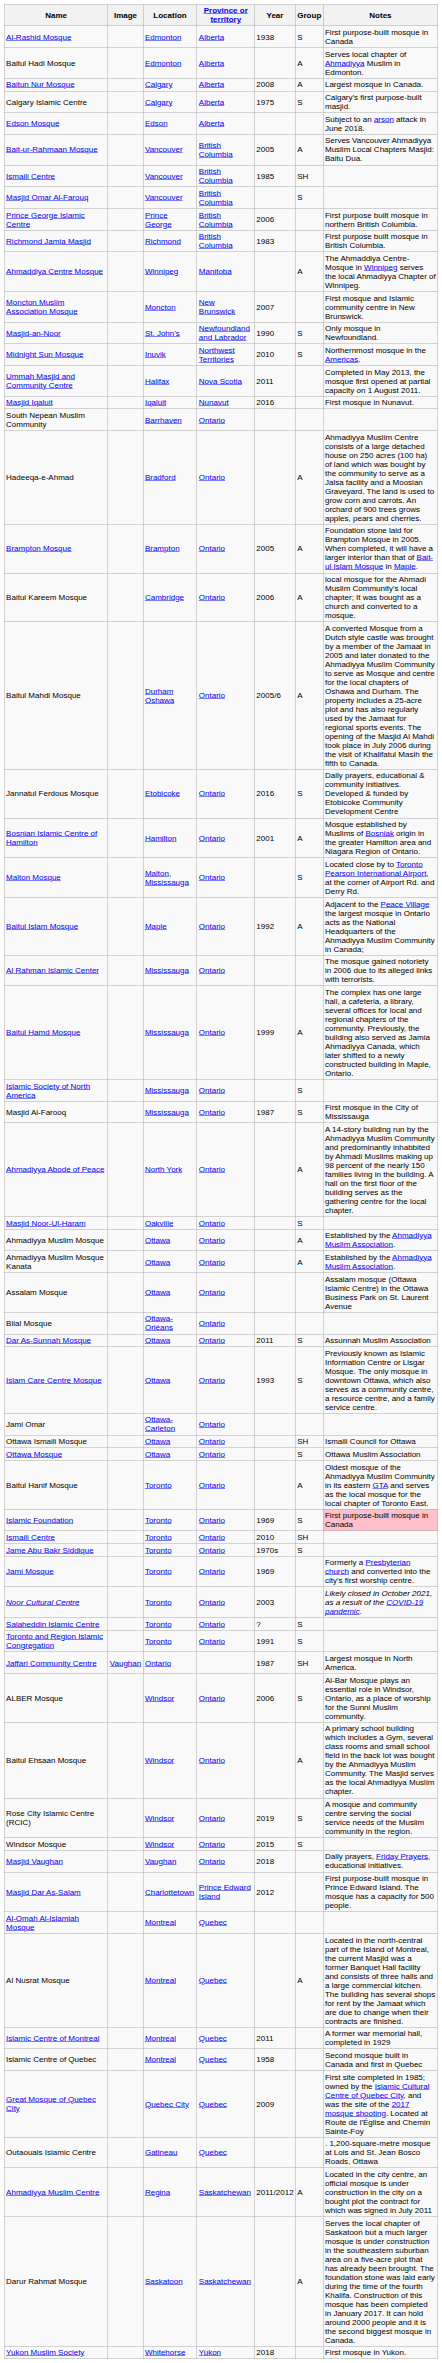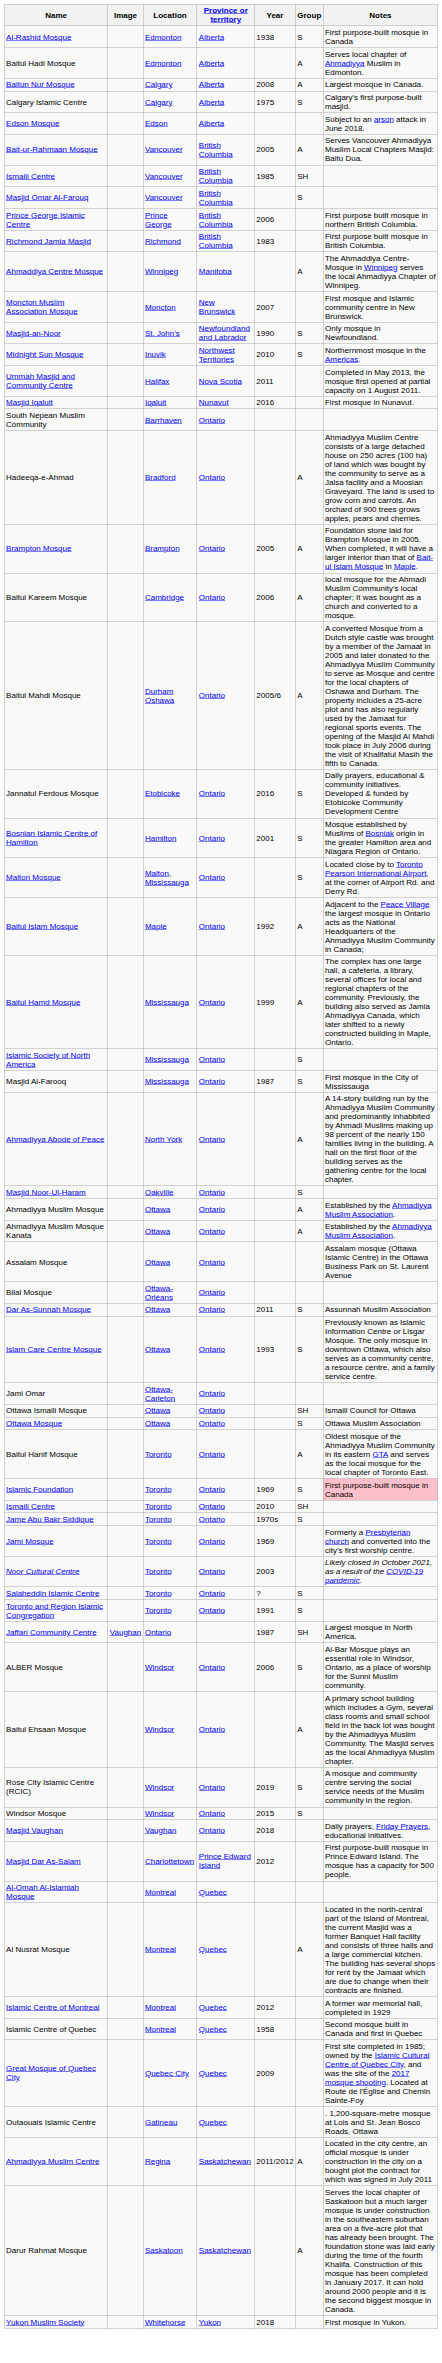 <table class="wikitable sortable" style="text-align:left">
 <tr>
 <th scope="col" style="width: 200px;">Name</th>
 <th class="unsortable">Image</th>
 <th>Location</th>
 <th><a href='#'>Province or territory</a></th>
 <th scope="col" style="width: 20px;">Year</th>
 <th scope="col" style="width: 20px;">Group</th>
 <th class="unsortable">Notes</th>
 </tr>
 <tr>
 <td><a href='#'>Al-Rashid Mosque</a></td>
 <td></td>
 <td><a href='#'>Edmonton</a></td>
 <td><a href='#'>Alberta</a></td>
 <td>1938</td>
 <td>S</td>
 <td>First purpose-built mosque in Canada</td>
 </tr>
 <tr>
 <td>Baitul Hadi Mosque</td>
 <td></td>
 <td><a href='#'>Edmonton</a></td>
 <td><a href='#'>Alberta</a></td>
 <td></td>
 <td>A</td>
 <td>Serves local chapter of <a href='#'>Ahmadiyya</a> Muslim in Edmonton.</td>
 </tr>
 <tr>
 <td><a href='#'>Baitun Nur Mosque</a></td>
 <td></td>
 <td><a href='#'>Calgary</a></td>
 <td><a href='#'>Alberta</a></td>
 <td>2008</td>
 <td>A</td>
 <td>Largest mosque in Canada.</td>
 </tr>
 <tr>
 <td>Calgary Islamic Centre</td>
 <td></td>
 <td><a href='#'>Calgary</a></td>
 <td><a href='#'>Alberta</a></td>
 <td>1975</td>
 <td>S</td>
 <td>Calgary's first purpose-built masjid.</td>
 </tr>
 <tr>
 <td><a href='#'>Edson Mosque</a></td>
 <td></td>
 <td><a href='#'>Edson</a></td>
 <td><a href='#'>Alberta</a></td>
 <td></td>
 <td></td>
 <td>Subject to an <a href='#'>arson</a> attack in June 2018.</td>
 </tr>
 <tr>
 <td><a href='#'>Bait-ur-Rahmaan Mosque</a></td>
 <td></td>
 <td><a href='#'>Vancouver</a></td>
 <td><a href='#'>British Columbia</a></td>
 <td>2005</td>
 <td>A</td>
 <td>Serves Vancouver Ahmadiyya Muslim Local Chapters Masjid: Baitu Dua.</td>
 </tr>
 <tr>
 <td><a href='#'>Ismaili Centre</a></td>
 <td></td>
 <td><a href='#'>Vancouver</a></td>
 <td><a href='#'>British Columbia</a></td>
 <td>1985</td>
 <td>SH</td>
 <td></td>
 </tr>
 <tr>
 <td><a href='#'>Masjid Omar Al-Farouq</a></td>
 <td></td>
 <td><a href='#'>Vancouver</a></td>
 <td><a href='#'>British Columbia</a></td>
 <td></td>
 <td>S</td>
 <td></td>
 </tr>
 <tr>
 <td><a href='#'>Prince George Islamic Centre</a></td>
 <td></td>
 <td><a href='#'>Prince George</a></td>
 <td><a href='#'>British Columbia</a></td>
 <td>2006</td>
 <td></td>
 <td>First purpose built mosque in northern British Columbia.</td>
 </tr>
 <tr>
 <td><a href='#'>Richmond Jamia Masjid</a></td>
 <td></td>
 <td><a href='#'>Richmond</a></td>
 <td><a href='#'>British Columbia</a></td>
 <td>1983</td>
 <td></td>
 <td>First purpose built mosque in British Columbia.</td>
 </tr>
 <tr>
 <td><a href='#'>Ahmaddiya Centre Mosque</a></td>
 <td></td>
 <td><a href='#'>Winnipeg</a></td>
 <td><a href='#'>Manitoba</a></td>
 <td></td>
 <td>A</td>
 <td>The Ahmaddiya Centre-Mosque in <a href='#'>Winnipeg</a> serves the local Ahmadiyya Chapter of Winnipeg.</td>
 </tr>
 <tr>
 <td><a href='#'>Moncton Muslim Association Mosque</a></td>
 <td></td>
 <td><a href='#'>Moncton</a></td>
 <td><a href='#'>New Brunswick</a></td>
 <td>2007</td>
 <td></td>
 <td>First mosque and Islamic community centre in New Brunswick.</td>
 </tr>
 <tr>
 <td><a href='#'>Masjid-an-Noor</a></td>
 <td></td>
 <td><a href='#'>St. John's</a></td>
 <td><a href='#'>Newfoundland and Labrador</a></td>
 <td>1990</td>
 <td>S</td>
 <td>Only mosque in Newfoundland.</td>
 </tr>
 <tr>
 <td><a href='#'>Midnight Sun Mosque</a></td>
 <td></td>
 <td><a href='#'>Inuvik</a></td>
 <td><a href='#'>Northwest Territories</a></td>
 <td>2010</td>
 <td>S</td>
 <td>Northernmost mosque in the <a href='#'>Americas</a>.</td>
 </tr>
 <tr>
 <td><a href='#'>Ummah Masjid and Community Centre</a></td>
 <td></td>
 <td><a href='#'>Halifax</a></td>
 <td><a href='#'>Nova Scotia</a></td>
 <td>2011</td>
 <td></td>
 <td>Completed in May 2013, the mosque first opened at partial capacity on 1 August 2011.</td>
 </tr>
 <tr>
 <td><a href='#'>Masjid Iqaluit</a></td>
 <td></td>
 <td><a href='#'>Iqaluit</a></td>
 <td><a href='#'>Nunavut</a></td>
 <td>2016</td>
 <td></td>
 <td>First mosque in Nunavut.</td>
 </tr>
 <tr>
 <td>South Nepean Muslim Community</td>
 <td></td>
 <td><a href='#'>Barrhaven</a></td>
 <td><a href='#'>Ontario</a></td>
 <td></td>
 <td></td>
 <td></td>
 </tr>
 <tr>
 <td>Hadeeqa-e-Ahmad</td>
 <td></td>
 <td><a href='#'>Bradford</a></td>
 <td><a href='#'>Ontario</a></td>
 <td></td>
 <td>A</td>
 <td>Ahmadiyya Muslim Centre consists of a large detached house on 250 acres (100 ha) of land which was bought by the community to serve as a Jalsa facility and a Moosian Graveyard. The land is used to grow corn and carrots. An orchard of 900 trees grows apples, pears and cherries.</td>
 </tr>
 <tr>
 <td><a href='#'>Brampton Mosque</a></td>
 <td></td>
 <td><a href='#'>Brampton</a></td>
 <td><a href='#'>Ontario</a></td>
 <td>2005</td>
 <td>A</td>
 <td>Foundation stone laid for Brampton Mosque in 2005. When completed, it will have a larger interior than that of <a href='#'>Bait-ul Islam Mosque</a> in <a href='#'>Maple</a>.</td>
 </tr>
 <tr>
 <td>Baitul Kareem Mosque</td>
 <td></td>
 <td><a href='#'>Cambridge</a></td>
 <td><a href='#'>Ontario</a></td>
 <td>2006</td>
 <td>A</td>
 <td>local mosque for the Ahmadi Muslim Community's local chapter; It was bought as a church and converted to a mosque.</td>
 </tr>
 <tr>
 <td>Baitul Mahdi Mosque</td>
 <td></td>
 <td><a href='#'>Durham</a> <a href='#'>Oshawa</a></td>
 <td><a href='#'>Ontario</a></td>
 <td>2005/6</td>
 <td>A</td>
 <td>A converted Mosque from a Dutch style castle was brought by a member of the Jamaat in 2005 and later donated to the Ahmadiyya Muslim Community to serve as Mosque and centre for the local chapters of Oshawa and Durham. The property includes a 25-acre plot and has also regularly used by the Jamaat for regional sports events. The opening of the Masjid Al Mahdi took place in July 2006 during the visit of Khalifatul Masih the fifth to Canada.</td>
 </tr>
 <tr>
 <td>Jannatul Ferdous Mosque</td>
 <td></td>
 <td><a href='#'>Etobicoke</a></td>
 <td><a href='#'>Ontario</a></td>
 <td>2016</td>
 <td>S</td>
 <td>Daily prayers, educational & community initiatives. Developed & funded by Etobicoke Community Development Centre</td>
 </tr>
 <tr>
 <td><a href='#'>Bosnian Islamic Centre of Hamilton</a></td>
 <td></td>
 <td><a href='#'> Hamilton</a></td>
 <td><a href='#'>Ontario</a></td>
 <td>2001</td>
-<td>A</td>
+<td>S</td>
 <td>Mosque established by Muslims of <a href='#'>Bosniak</a> origin in the greater Hamilton area and Niagara Region of Ontario.</td>
 </tr>
 <tr>
 <td><a href='#'>Malton Mosque</a></td>
 <td></td>
 <td><a href='#'>Malton</a>, <a href='#'>Mississauga</a></td>
 <td><a href='#'>Ontario</a></td>
 <td></td>
 <td>S</td>
 <td>Located close by to <a href='#'>Toronto Pearson International Airport</a>, at the corner of Airport Rd. and Derry Rd.</td>
 </tr>
 <tr>
 <td><a href='#'>Baitul Islam Mosque</a></td>
 <td></td>
 <td><a href='#'>Maple</a></td>
 <td><a href='#'>Ontario</a></td>
 <td>1992</td>
 <td>A</td>
 <td>Adjacent to the <a href='#'>Peace Village</a> the largest mosque in Ontario acts as the National Headquarters of the Ahmadiyya Muslim Community in Canada;</td>
-</tr>
-<tr>
-<td><a href='#'>Al Rahman Islamic Center</a></td>
-<td></td>
-<td><a href='#'>Mississauga</a></td>
-<td><a href='#'>Ontario</a></td>
-<td></td>
-<td></td>
-<td>The mosque gained notoriety in 2006 due to its alleged links with terrorists.</td>
 </tr>
 <tr>
 <td><a href='#'>Baitul Hamd Mosque</a></td>
 <td></td>
 <td><a href='#'>Mississauga</a></td>
 <td><a href='#'>Ontario</a></td>
 <td>1999</td>
 <td>A</td>
 <td>The complex has one large hall, a cafeteria, a library, several offices for local and regional chapters of the community. Previously, the building also served as Jamia Ahmadiyya Canada, which later shifted to a newly constructed building in Maple, Ontario.</td>
 </tr>
 <tr>
 <td><a href='#'>Islamic Society of North America</a></td>
 <td></td>
 <td><a href='#'>Mississauga</a></td>
 <td><a href='#'>Ontario</a></td>
 <td></td>
 <td>S</td>
 <td></td>
 </tr>
 <tr>
 <td>Masjid Al-Farooq</td>
 <td></td>
 <td><a href='#'>Mississauga</a></td>
 <td><a href='#'>Ontario</a></td>
 <td>1987</td>
 <td>S</td>
 <td>First mosque in the City of Mississauga</td>
 </tr>
 <tr>
 <td><a href='#'>Ahmadiyya Abode of Peace</a></td>
 <td></td>
 <td><a href='#'>North York</a></td>
 <td><a href='#'>Ontario</a></td>
 <td></td>
 <td>A</td>
 <td>A 14-story building run by the Ahmadiyya Muslim Community and predominantly inhabbited by Ahmadi Muslims making up 98 percent of the nearly 150 families living in the building. A hall on the first floor of the building serves as the gathering centre for the local chapter.</td>
 </tr>
 <tr>
 <td><a href='#'>Masjid Noor-Ul-Haram</a></td>
 <td></td>
 <td><a href='#'>Oakville</a></td>
 <td><a href='#'>Ontario</a></td>
 <td></td>
 <td>S</td>
 <td></td>
 </tr>
 <tr>
 <td>Ahmadiyya Muslim Mosque</td>
 <td></td>
 <td><a href='#'>Ottawa</a></td>
 <td><a href='#'>Ontario</a></td>
 <td></td>
 <td>A</td>
 <td>Established by the <a href='#'>Ahmadiyya Muslim Association</a>.</td>
 </tr>
 <tr>
 <td>Ahmadiyya Muslim Mosque Kanata</td>
 <td></td>
 <td><a href='#'>Ottawa</a></td>
 <td><a href='#'>Ontario</a></td>
 <td></td>
 <td>A</td>
 <td>Established by the <a href='#'>Ahmadiyya Muslim Association</a>.</td>
 </tr>
 <tr>
 <td>Assalam Mosque</td>
 <td></td>
 <td><a href='#'>Ottawa</a></td>
 <td><a href='#'>Ontario</a></td>
 <td></td>
 <td></td>
 <td>Assalam mosque (Ottawa Islamic Centre) in the Ottawa Business Park on St. Laurent Avenue</td>
 </tr>
 <tr>
 <td>Bilal Mosque</td>
 <td></td>
 <td><a href='#'>Ottawa-Orléans</a></td>
 <td><a href='#'>Ontario</a></td>
 <td></td>
 <td></td>
 <td></td>
 </tr>
 <tr>
 <td><a href='#'>Dar As-Sunnah Mosque</a></td>
 <td></td>
 <td><a href='#'>Ottawa</a></td>
 <td><a href='#'>Ontario</a></td>
 <td>2011</td>
 <td>S</td>
 <td>Assunnah Muslim Association</td>
 </tr>
 <tr>
 <td><a href='#'>Islam Care Centre Mosque</a></td>
 <td></td>
 <td><a href='#'>Ottawa</a></td>
 <td><a href='#'>Ontario</a></td>
 <td>1993</td>
 <td>S</td>
 <td>Previously known as Islamic Information Centre or Lisgar Mosque. The only mosque in downtown Ottawa, which also serves as a community centre, a resource centre, and a family service centre.</td>
 </tr>
 <tr>
 <td>Jami Omar</td>
 <td></td>
 <td><a href='#'>Ottawa-Carleton</a></td>
 <td><a href='#'>Ontario</a></td>
 <td></td>
 <td></td>
 <td></td>
 </tr>
 <tr>
 <td>Ottawa Ismaili Mosque</td>
 <td></td>
 <td><a href='#'>Ottawa</a></td>
 <td><a href='#'>Ontario</a></td>
 <td></td>
 <td>SH</td>
 <td>Ismaili Council for Ottawa</td>
 </tr>
 <tr>
 <td><a href='#'>Ottawa Mosque</a></td>
 <td></td>
 <td><a href='#'>Ottawa</a></td>
 <td><a href='#'>Ontario</a></td>
 <td></td>
 <td>S</td>
 <td>Ottawa Muslim Association</td>
 </tr>
 <tr>
 <td>Baitul Hanif Mosque</td>
 <td></td>
 <td><a href='#'>Toronto</a></td>
 <td><a href='#'>Ontario</a></td>
 <td></td>
 <td>A</td>
 <td>Oldest mosque of the Ahmadiyya Muslim Community in its eastern <a href='#'>GTA</a> and serves as the local mosque for the local chapter of Toronto East.</td>
 </tr>
 <tr>
 <td><a href='#'>Islamic Foundation</a></td>
 <td></td>
 <td><a href='#'>Toronto</a></td>
 <td><a href='#'>Ontario</a></td>
 <td>1969</td>
 <td>S</td>
 <td style="background: pink;">First purpose-built mosque in Canada</td>
 </tr>
 <tr>
 <td><a href='#'>Ismaili Centre</a></td>
 <td></td>
 <td><a href='#'>Toronto</a></td>
 <td><a href='#'>Ontario</a></td>
 <td>2010</td>
 <td>SH</td>
 <td></td>
 </tr>
 <tr>
 <td><a href='#'>Jame Abu Bakr Siddique</a></td>
 <td></td>
 <td><a href='#'>Toronto</a></td>
 <td><a href='#'>Ontario</a></td>
 <td>1970s</td>
 <td>S</td>
 <td></td>
 </tr>
 <tr>
 <td><a href='#'>Jami Mosque</a></td>
 <td></td>
 <td><a href='#'>Toronto</a></td>
 <td><a href='#'>Ontario</a></td>
 <td>1969</td>
 <td></td>
 <td>Formerly a <a href='#'>Presbyterian church</a> and converted into the city's first worship centre.</td>
 </tr>
 <tr>
 <td><em><a href='#'>Noor Cultural Centre</a></em></td>
 <td></td>
 <td><a href='#'>Toronto</a></td>
 <td><a href='#'>Ontario</a></td>
 <td>2003</td>
 <td></td>
 <td><em>Likely closed in October 2021, as a result of the <a href='#'>COVID-19 pandemic</a>.</em></td>
 </tr>
 <tr>
 <td><a href='#'>Salaheddin Islamic Centre</a></td>
 <td></td>
 <td><a href='#'>Toronto</a></td>
 <td><a href='#'>Ontario</a></td>
 <td>?</td>
 <td>S</td>
 <td></td>
 </tr>
 <tr>
 <td><a href='#'>Toronto and Region Islamic Congregation</a></td>
 <td></td>
 <td><a href='#'>Toronto</a></td>
 <td><a href='#'>Ontario</a></td>
 <td>1991</td>
 <td>S</td>
 <td></td>
 </tr>
 <tr>
 <td><a href='#'>Jaffari Community Centre</a></td>
 <td><a href='#'>Vaughan</a></td>
 <td><a href='#'>Ontario</a></td>
 <td></td>
 <td>1987</td>
 <td>SH</td>
 <td>Largest mosque in North America.</td>
 </tr>
 <tr>
 <td>ALBER Mosque</td>
 <td></td>
 <td><a href='#'>Windsor</a></td>
 <td><a href='#'>Ontario</a></td>
 <td>2006</td>
 <td>S</td>
 <td>Al-Bar Mosque plays an essential role in Windsor, Ontario, as a place of worship for the Sunni Muslim community.</td>
 </tr>
 <tr>
 <td>Baitul Ehsaan Mosque</td>
 <td></td>
 <td><a href='#'>Windsor</a></td>
 <td><a href='#'>Ontario</a></td>
 <td></td>
 <td>A</td>
 <td>A primary school building which includes a Gym, several class rooms and small school field in the back lot was bought by the Ahmadiyya Muslim Community. The Masjid serves as the local Ahmadiyya Muslim chapter.</td>
 </tr>
 <tr>
 <td>Rose City Islamic Centre (RCIC)</td>
 <td></td>
 <td><a href='#'>Windsor</a></td>
 <td><a href='#'>Ontario</a></td>
 <td>2019</td>
 <td>S</td>
 <td>A mosque and community centre serving the social service needs of the Muslim community in the region.</td>
 </tr>
 <tr>
 <td>Windsor Mosque</td>
 <td></td>
 <td><a href='#'>Windsor</a></td>
 <td><a href='#'>Ontario</a></td>
 <td>2015</td>
 <td>S</td>
 <td></td>
 </tr>
 <tr>
 <td><a href='#'>Masjid Vaughan</a></td>
 <td></td>
 <td><a href='#'>Vaughan</a></td>
 <td><a href='#'>Ontario</a></td>
 <td>2018</td>
 <td></td>
 <td>Daily prayers, <a href='#'>Friday Prayers</a>, educational initiatives.</td>
 </tr>
 <tr>
 <td><a href='#'>Masjid Dar As-Salam</a></td>
 <td></td>
 <td><a href='#'>Charlottetown</a></td>
 <td><a href='#'>Prince Edward Island</a></td>
 <td>2012</td>
 <td></td>
 <td>First purpose-built mosque in Prince Edward Island. The mosque has a capacity for 500 people.</td>
 </tr>
 <tr>
 <td><a href='#'>Al-Omah Al-Islamiah Mosque</a></td>
 <td></td>
 <td><a href='#'>Montreal</a></td>
 <td><a href='#'>Quebec</a></td>
 <td></td>
 <td></td>
 <td></td>
 </tr>
 <tr>
 <td>Al Nusrat Mosque</td>
 <td></td>
 <td><a href='#'>Montreal</a></td>
 <td><a href='#'>Quebec</a></td>
 <td></td>
 <td>A</td>
 <td>Located in the north-central part of the Island of Montreal, the current Masjid was a former Banquet Hall facility and consists of three halls and a large commercial kitchen. The building has several shops for rent by the Jamaat which are due to change when their contracts are finished.</td>
 </tr>
 <tr>
 <td><a href='#'>Islamic Centre of Montreal</a></td>
 <td></td>
 <td><a href='#'>Montreal</a></td>
 <td><a href='#'>Quebec</a></td>
-<td>2011</td>
+<td>2012</td>
 <td></td>
 <td>A former war memorial hall, completed in 1929</td>
 </tr>
 <tr>
 <td>Islamic Centre of Quebec</td>
 <td></td>
 <td><a href='#'>Montreal</a></td>
 <td><a href='#'>Quebec</a></td>
 <td>1958</td>
 <td></td>
 <td>Second mosque built in Canada and first in Quebec</td>
 </tr>
 <tr>
 <td><a href='#'>Great Mosque of Quebec City</a><br></td>
 <td></td>
 <td><a href='#'>Quebec City</a></td>
 <td><a href='#'>Quebec</a></td>
 <td>2009 </td>
 <td></td>
 <td>First site completed in 1985; owned by the <a href='#'>Islamic Cultural Centre of Quebec City</a>, and was the site of the <a href='#'>2017 mosque shooting</a>. Located at Route de l'Église and Chemin Sainte-Foy</td>
 </tr>
 <tr>
 <td>Outaouais Islamic Centre</td>
 <td></td>
 <td><a href='#'>Gatineau</a></td>
 <td><a href='#'>Quebec</a></td>
 <td></td>
 <td></td>
 <td>. 1,200-square-metre mosque at Lois and St. Jean Bosco Roads, Ottawa</td>
 </tr>
 <tr>
 <td><a href='#'>Ahmadiyya Muslim Centre</a></td>
 <td></td>
 <td><a href='#'>Regina</a></td>
 <td><a href='#'>Saskatchewan</a></td>
 <td>2011/2012</td>
 <td>A</td>
 <td>Located in the city centre, an official mosque is under construction in the city on a bought plot the contract for which was signed in July 2011</td>
 </tr>
 <tr>
 <td>Darur Rahmat Mosque</td>
 <td></td>
 <td><a href='#'>Saskatoon</a></td>
 <td><a href='#'>Saskatchewan</a></td>
 <td></td>
 <td>A</td>
 <td>Serves the local chapter of Saskatoon but a much larger mosque is under construction in the southeastern suburban area on a five-acre plot that has already been brought. The foundation stone was laid early during the time of the fourth Khalifa. Construction of this mosque has been completed in January 2017. It can hold around 2000 people and it is the second biggest mosque in Canada.</td>
 </tr>
 <tr>
 <td><a href='#'>Yukon Muslim Society</a></td>
 <td></td>
 <td><a href='#'>Whitehorse</a></td>
 <td><a href='#'>Yukon</a></td>
 <td>2018</td>
 <td></td>
 <td>First mosque in Yukon.</td>
 </tr>
 </table>
